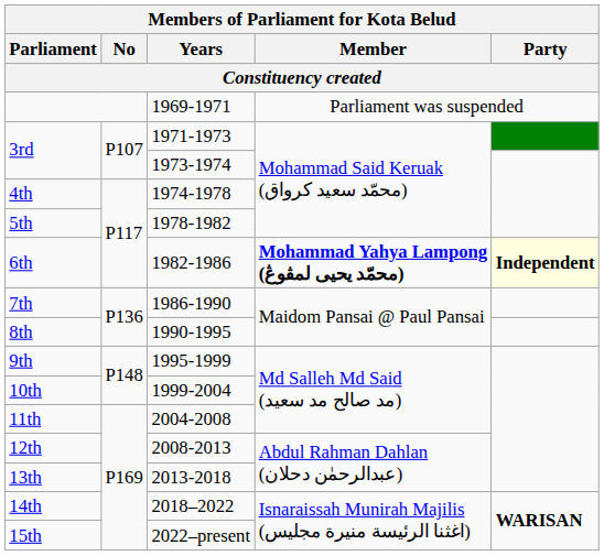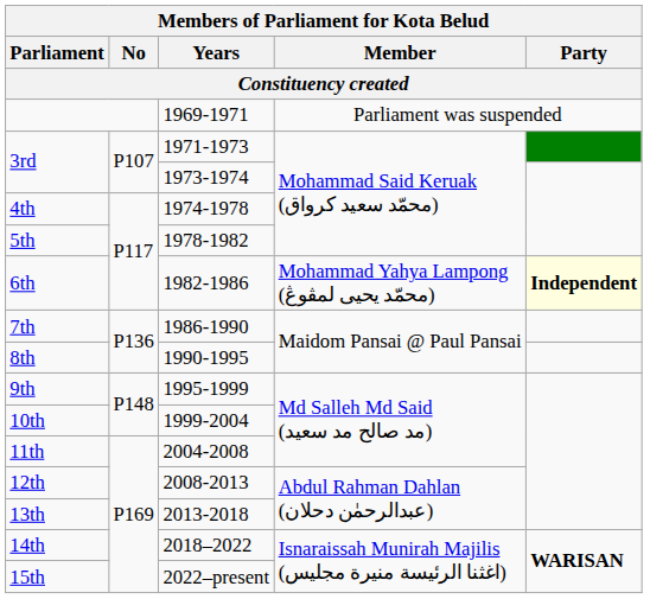 <table class=wikitable>
 <tr>
 <th colspan="5">Members of Parliament for Kota Belud</th>
 </tr>
 <tr>
 <th>Parliament</th>
 <th>No</th>
 <th>Years</th>
 <th>Member</th>
 <th>Party</th>
 </tr>
 <tr>
 <th colspan="5" align="center"><em>Constituency created</em></th>
 </tr>
 <tr>
 <td colspan="2"></td>
 <td>1969-1971</td>
 <td colspan=2 align=center>Parliament was suspended</td>
 </tr>
 <tr>
 <td rowspan=2><a href='#'>3rd</a></td>
 <td rowspan="2">P107</td>
 <td>1971-1973</td>
 <td rowspan=4><a href='#'>Mohammad Said Keruak</a><br>(محمّد سعيد کرواق)</td>
 <td bgcolor="#008000"></td>
 </tr>
 <tr>
 <td>1973-1974</td>
 <td rowspan=3></td>
 </tr>
 <tr>
 <td><a href='#'>4th</a></td>
 <td rowspan="3">P117</td>
 <td>1974-1978</td>
 </tr>
 <tr>
 <td><a href='#'>5th</a></td>
 <td>1978-1982</td>
 </tr>
 <tr>
 <td><a href='#'>6th</a></td>
 <td>1982-1986</td>
-<td><strong><a href='#'>Mohammad Yahya Lampong</a><br>(محمّد يحيى لمڤوڠ‎)</strong></td>
+<td><a href='#'>Mohammad Yahya Lampong</a><br>(محمّد يحيى لمڤوڠ‎)</td>
 <td style="background: lightyellow;"><strong>Independent</strong></td>
 </tr>
 <tr>
 <td><a href='#'>7th</a></td>
 <td rowspan="2">P136</td>
 <td>1986-1990</td>
 <td rowspan=2>Maidom Pansai @ Paul Pansai</td>
 <td></td>
 </tr>
 <tr>
 <td><a href='#'>8th</a></td>
 <td>1990-1995</td>
 <td bgcolor=></td>
 </tr>
 <tr>
 <td><a href='#'>9th</a></td>
 <td rowspan="2">P148</td>
 <td>1995-1999</td>
 <td rowspan=3><a href='#'>Md Salleh Md Said</a><br>(مد صالح مد سعيد)</td>
 <td rowspan="5"></td>
 </tr>
 <tr>
 <td><a href='#'>10th</a></td>
 <td>1999-2004</td>
 </tr>
 <tr>
 <td><a href='#'>11th</a></td>
 <td rowspan="5">P169</td>
 <td>2004-2008</td>
 </tr>
 <tr>
 <td><a href='#'>12th</a></td>
 <td>2008-2013</td>
 <td rowspan=2><a href='#'>Abdul Rahman Dahlan</a><br>(عبدالرحمٰن دحلان)</td>
 </tr>
 <tr>
 <td><a href='#'>13th</a></td>
 <td>2013-2018</td>
 </tr>
 <tr>
 <td><a href='#'>14th</a></td>
 <td>2018–2022</td>
 <td rowspan="2"><a href='#'>Isnaraissah Munirah Majilis</a><br>(اغثنا الرئيسة منيرة مجليس)</td>
 <td rowspan="2"><strong>WARISAN</strong></td>
 </tr>
 <tr>
 <td><a href='#'>15th</a></td>
 <td>2022–present</td>
 </tr>
 </table>
